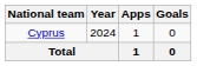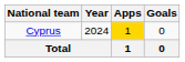 <table class="wikitable" style="text-align:center">
 <tr>
 <th>National team</th>
 <th>Year</th>
 <th>Apps</th>
 <th>Goals</th>
 </tr>
 <tr>
 <td rowspan="1"><a href='#'>Cyprus</a></td>
 <td>2024</td>
-<td>1</td>
+<td style="background: gold;">1</td>
 <td>0</td>
 </tr>
 <tr>
 <th colspan="2">Total</th>
 <th>1</th>
 <th>0</th>
 </tr>
 </table>
